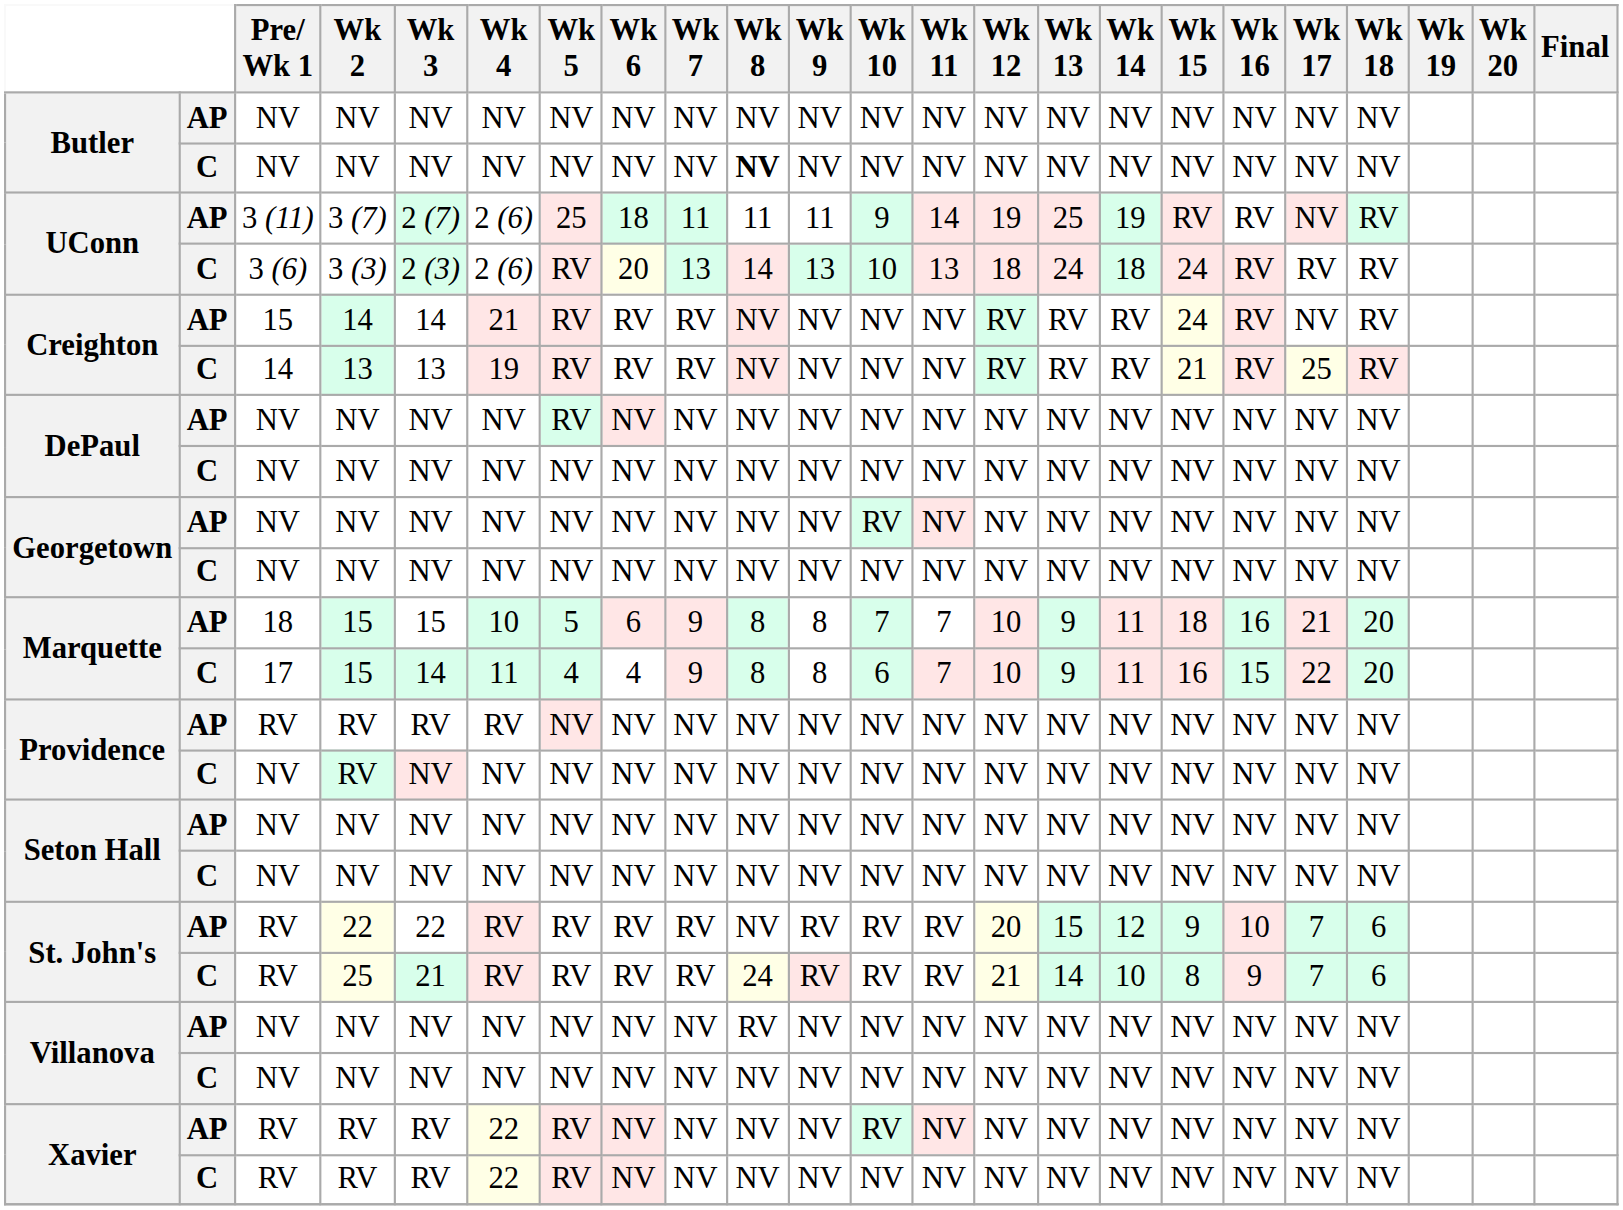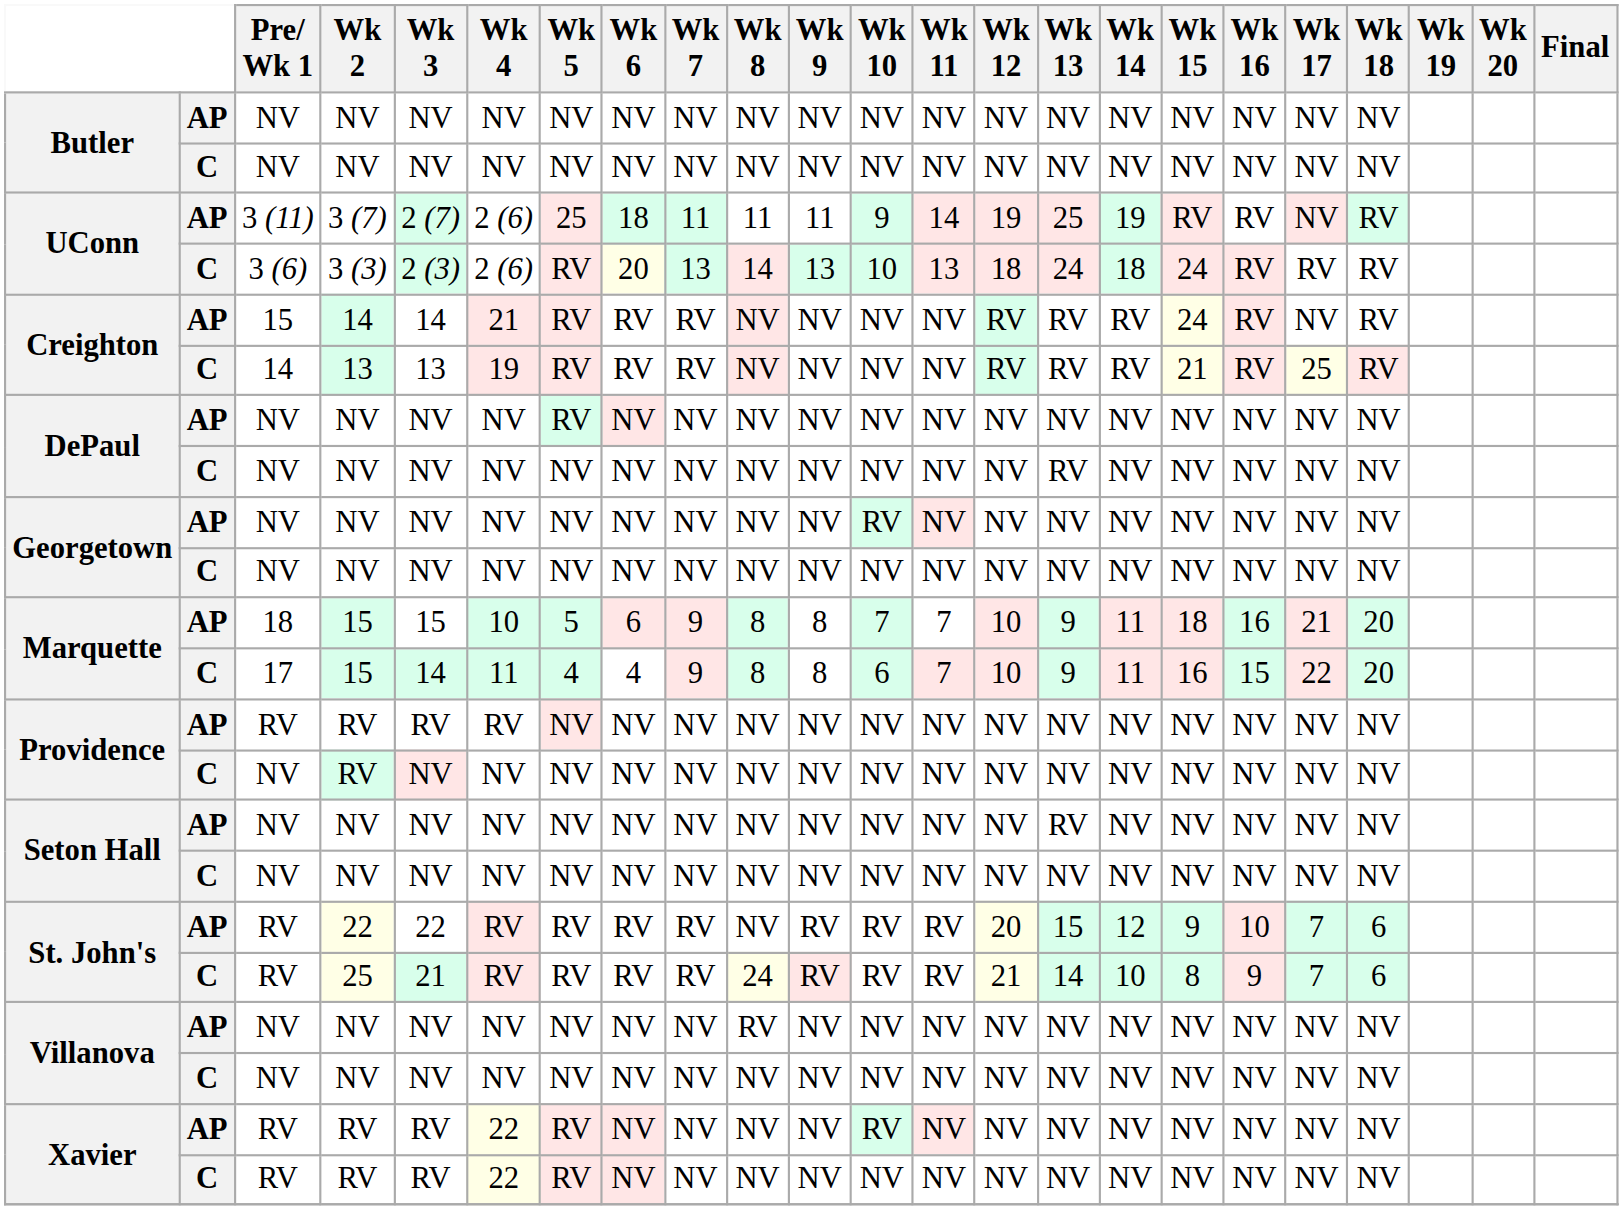 <table class="wikitable" style="white-space:nowrap;font-size:90%;text-align:center;">
 <tr>
 <th colspan=2 style="background:white; border-top-style:hidden; border-left-style:hidden;"> </th>
 <th>Pre/<br>Wk 1</th>
 <th>Wk<br>2</th>
 <th>Wk<br>3</th>
 <th>Wk<br>4</th>
 <th>Wk<br>5</th>
 <th>Wk<br>6</th>
 <th>Wk<br>7</th>
 <th>Wk<br>8</th>
 <th>Wk<br>9</th>
 <th>Wk<br>10</th>
 <th>Wk<br>11</th>
 <th>Wk<br>12</th>
 <th>Wk<br>13</th>
 <th>Wk<br>14</th>
 <th>Wk<br>15</th>
 <th>Wk<br>16</th>
 <th>Wk<br>17</th>
 <th>Wk<br>18</th>
 <th>Wk<br>19</th>
 <th>Wk<br>20</th>
 <th>Final</th>
 </tr>
 <tr>
 <th rowspan=2>Butler</th>
 <th>AP</th>
 <td style="background:#FFF;">NV</td>
 <td style="background:#FFF;">NV</td>
 <td style="background:#FFF;">NV</td>
 <td style="background:#FFF;">NV</td>
 <td style="background:#FFF;">NV</td>
 <td style="background:#FFF;">NV</td>
 <td style="background:#FFF;">NV</td>
 <td style="background:#FFF;">NV</td>
 <td style="background:#FFF;">NV</td>
 <td style="background:#FFF;">NV</td>
 <td style="background:#FFF;">NV</td>
 <td style="background:#FFF;">NV</td>
 <td style="background:#FFF;">NV</td>
 <td style="background:#FFF;">NV</td>
 <td style="background:#FFF;">NV</td>
 <td style="background:#FFF;">NV</td>
 <td style="background:#FFF;">NV</td>
 <td style="background:#FFF;">NV</td>
 <td style="background:#FFF;"></td>
 <td style="background:#FFF;"></td>
 <td style="background:#FFF;"></td>
 </tr>
 <tr>
 <th>C</th>
 <td style="background:#FFF;">NV</td>
 <td style="background:#FFF;">NV</td>
 <td style="background:#FFF;">NV</td>
 <td style="background:#FFF;">NV</td>
 <td style="background:#FFF;">NV</td>
 <td style="background:#FFF;">NV</td>
 <td style="background:#FFF;">NV</td>
-<td style="background:#FFF;"><strong>NV</strong></td>
+<td style="background:#FFF;">NV</td>
 <td style="background:#FFF;">NV</td>
 <td style="background:#FFF;">NV</td>
 <td style="background:#FFF;">NV</td>
 <td style="background:#FFF;">NV</td>
 <td style="background:#FFF;">NV</td>
 <td style="background:#FFF;">NV</td>
 <td style="background:#FFF;">NV</td>
 <td style="background:#FFF;">NV</td>
 <td style="background:#FFF;">NV</td>
 <td style="background:#FFF;">NV</td>
 <td style="background:#FFF;"></td>
 <td style="background:#FFF;"></td>
 <td style="background:#FFF;"></td>
 </tr>
 <tr>
 <th rowspan=2>UConn</th>
 <th>AP</th>
 <td style="background:#FFF;">3 <em>(11)</em></td>
 <td style="background:#FFF;">3 <em>(7)</em></td>
 <td style="background:#d8ffeb;">2 <em>(7)</em></td>
 <td style="background:#FFF;">2 <em>(6)</em></td>
 <td style="background:#ffe6e6;">25</td>
 <td style="background:#d8ffeb;">18</td>
 <td style="background:#d8ffeb;">11</td>
 <td style="background:#FFF;">11</td>
 <td style="background:#FFF;">11</td>
 <td style="background:#d8ffeb;">9</td>
 <td style="background:#ffe6e6;">14</td>
 <td style="background:#ffe6e6;">19</td>
 <td style="background:#ffe6e6;">25</td>
 <td style="background:#d8ffeb;">19</td>
 <td style="background:#ffe6e6;">RV</td>
 <td style="background:#FFF;">RV</td>
 <td style="background:#ffe6e6;">NV</td>
 <td style="background:#d8ffeb;">RV</td>
 <td style="background:#FFF;"></td>
 <td style="background:#FFF;"></td>
 <td style="background:#FFF;"></td>
 </tr>
 <tr>
 <th>C</th>
 <td style="background:#FFF;">3 <em>(6)</em></td>
 <td style="background:#FFF;">3 <em>(3)</em></td>
 <td style="background:#d8ffeb;">2 <em>(3)</em></td>
 <td style="background:#FFF;">2 <em>(6)</em></td>
 <td style="background:#ffe6e6;">RV</td>
 <td style="background:#ffffe6;">20</td>
 <td style="background:#d8ffeb;">13</td>
 <td style="background:#ffe6e6;">14</td>
 <td style="background:#d8ffeb;">13</td>
 <td style="background:#d8ffeb;">10</td>
 <td style="background:#ffe6e6;">13</td>
 <td style="background:#ffe6e6;">18</td>
 <td style="background:#ffe6e6;">24</td>
 <td style="background:#d8ffeb;">18</td>
 <td style="background:#ffe6e6;">24</td>
 <td style="background:#ffe6e6;">RV</td>
 <td style="background:#FFF;">RV</td>
 <td style="background:#FFF;">RV</td>
 <td style="background:#FFF;"></td>
 <td style="background:#FFF;"></td>
 <td style="background:#FFF;"></td>
 </tr>
 <tr>
 <th rowspan=2 style=>Creighton</th>
 <th>AP</th>
 <td style="background:#FFF;">15</td>
 <td style="background:#d8ffeb;">14</td>
 <td style="background:#FFF;">14</td>
 <td style="background:#ffe6e6;">21</td>
 <td style="background:#ffe6e6;">RV</td>
 <td style="background:#FFF;">RV</td>
 <td style="background:#FFF;">RV</td>
 <td style="background:#ffe6e6;">NV</td>
 <td style="background:#FFF;">NV</td>
 <td style="background:#FFF;">NV</td>
 <td style="background:#FFF;">NV</td>
 <td style="background:#d8ffeb;">RV</td>
 <td style="background:#FFF;">RV</td>
 <td style="background:#FFF;">RV</td>
 <td style="background:#ffffe6;">24</td>
 <td style="background:#ffe6e6;">RV</td>
 <td style="background:#FFF;">NV</td>
 <td style="background:#FFF;">RV</td>
 <td style="background:#FFF;"></td>
 <td style="background:#FFF;"></td>
 <td style="background:#FFF;"></td>
 </tr>
 <tr>
 <th>C</th>
 <td style="background:#FFF;">14</td>
 <td style="background:#d8ffeb;">13</td>
 <td style="background:#FFF;">13</td>
 <td style="background:#ffe6e6;">19</td>
 <td style="background:#ffe6e6;">RV</td>
 <td style="background:#FFF;">RV</td>
 <td style="background:#FFF;">RV</td>
 <td style="background:#ffe6e6;">NV</td>
 <td style="background:#FFF;">NV</td>
 <td style="background:#FFF;">NV</td>
 <td style="background:#FFF;">NV</td>
 <td style="background:#d8ffeb;">RV</td>
 <td style="background:#FFF;">RV</td>
 <td style="background:#FFF;">RV</td>
 <td style="background:#ffffe6;">21</td>
 <td style="background:#ffe6e6;">RV</td>
 <td style="background:#ffffe6;">25</td>
 <td style="background:#ffe6e6;">RV</td>
 <td style="background:#FFF;"></td>
 <td style="background:#FFF;"></td>
 <td style="background:#FFF;"></td>
 </tr>
 <tr>
 <th rowspan=2 style=>DePaul</th>
 <th>AP</th>
 <td style="background:#FFF;">NV</td>
 <td style="background:#FFF;">NV</td>
 <td style="background:#FFF;">NV</td>
 <td style="background:#FFF;">NV</td>
 <td style="background:#d8ffeb;">RV</td>
 <td style="background:#ffe6e6;">NV</td>
 <td style="background:#FFF;">NV</td>
 <td style="background:#FFF;">NV</td>
 <td style="background:#FFF;">NV</td>
 <td style="background:#FFF;">NV</td>
 <td style="background:#FFF;">NV</td>
 <td style="background:#FFF;">NV</td>
 <td style="background:#FFF;">NV</td>
 <td style="background:#FFF;">NV</td>
 <td style="background:#FFF;">NV</td>
 <td style="background:#FFF;">NV</td>
 <td style="background:#FFF;">NV</td>
 <td style="background:#FFF;">NV</td>
 <td style="background:#FFF;"></td>
 <td style="background:#FFF;"></td>
 <td style="background:#FFF;"></td>
 </tr>
 <tr>
 <th>C</th>
 <td style="background:#FFF;">NV</td>
 <td style="background:#FFF;">NV</td>
 <td style="background:#FFF;">NV</td>
 <td style="background:#FFF;">NV</td>
 <td style="background:#FFF;">NV</td>
 <td style="background:#FFF;">NV</td>
 <td style="background:#FFF;">NV</td>
 <td style="background:#FFF;">NV</td>
 <td style="background:#FFF;">NV</td>
 <td style="background:#FFF;">NV</td>
 <td style="background:#FFF;">NV</td>
 <td style="background:#FFF;">NV</td>
-<td style="background:#FFF;">NV</td>
+<td style="background:#FFF;">RV</td>
 <td style="background:#FFF;">NV</td>
 <td style="background:#FFF;">NV</td>
 <td style="background:#FFF;">NV</td>
 <td style="background:#FFF;">NV</td>
 <td style="background:#FFF;">NV</td>
 <td style="background:#FFF;"></td>
 <td style="background:#FFF;"></td>
 <td style="background:#FFF;"></td>
 </tr>
 <tr>
 <th rowspan=2 style=>Georgetown</th>
 <th>AP</th>
 <td style="background:#FFF;">NV</td>
 <td style="background:#FFF;">NV</td>
 <td style="background:#FFF;">NV</td>
 <td style="background:#FFF;">NV</td>
 <td style="background:#FFF;">NV</td>
 <td style="background:#FFF;">NV</td>
 <td style="background:#FFF;">NV</td>
 <td style="background:#FFF;">NV</td>
 <td style="background:#FFF;">NV</td>
 <td style="background:#d8ffeb;">RV</td>
 <td style="background:#ffe6e6;">NV</td>
 <td style="background:#FFF;">NV</td>
 <td style="background:#FFF;">NV</td>
 <td style="background:#FFF;">NV</td>
 <td style="background:#FFF;">NV</td>
 <td style="background:#FFF;">NV</td>
 <td style="background:#FFF;">NV</td>
 <td style="background:#FFF;">NV</td>
 <td style="background:#FFF;"></td>
 <td style="background:#FFF;"></td>
 <td style="background:#FFF;"></td>
 </tr>
 <tr>
 <th>C</th>
 <td style="background:#FFF;">NV</td>
 <td style="background:#FFF;">NV</td>
 <td style="background:#FFF;">NV</td>
 <td style="background:#FFF;">NV</td>
 <td style="background:#FFF;">NV</td>
 <td style="background:#FFF;">NV</td>
 <td style="background:#FFF;">NV</td>
 <td style="background:#FFF;">NV</td>
 <td style="background:#FFF;">NV</td>
 <td style="background:#FFF;">NV</td>
 <td style="background:#FFF;">NV</td>
 <td style="background:#FFF;">NV</td>
 <td style="background:#FFF;">NV</td>
 <td style="background:#FFF;">NV</td>
 <td style="background:#FFF;">NV</td>
 <td style="background:#FFF;">NV</td>
 <td style="background:#FFF;">NV</td>
 <td style="background:#FFF;">NV</td>
 <td style="background:#FFF;"></td>
 <td style="background:#FFF;"></td>
 <td style="background:#FFF;"></td>
 </tr>
 <tr>
 <th rowspan=2 style=>Marquette</th>
 <th>AP</th>
 <td style="background:#FFF;">18</td>
 <td style="background:#d8ffeb;">15</td>
 <td style="background:#FFF;">15</td>
 <td style="background:#d8ffeb;">10</td>
 <td style="background:#d8ffeb;">5</td>
 <td style="background:#ffe6e6;">6</td>
 <td style="background:#ffe6e6;">9</td>
 <td style="background:#d8ffeb;">8</td>
 <td style="background:#FFF;">8</td>
 <td style="background:#d8ffeb;">7</td>
 <td style="background:#FFF;">7</td>
 <td style="background:#ffe6e6;">10</td>
 <td style="background:#d8ffeb;">9</td>
 <td style="background:#ffe6e6;">11</td>
 <td style="background:#ffe6e6;">18</td>
 <td style="background:#d8ffeb;">16</td>
 <td style="background:#ffe6e6;">21</td>
 <td style="background:#d8ffeb;">20</td>
 <td style="background:#FFF;"></td>
 <td style="background:#FFF;"></td>
 <td style="background:#FFF;"></td>
 </tr>
 <tr>
 <th>C</th>
 <td style="background:#FFF;">17</td>
 <td style="background:#d8ffeb;">15</td>
 <td style="background:#d8ffeb;">14</td>
 <td style="background:#d8ffeb;">11</td>
 <td style="background:#d8ffeb;">4</td>
 <td style="background:#FFF;">4</td>
 <td style="background:#ffe6e6;">9</td>
 <td style="background:#d8ffeb;">8</td>
 <td style="background:#FFF;">8</td>
 <td style="background:#d8ffeb;">6</td>
 <td style="background:#ffe6e6;">7</td>
 <td style="background:#ffe6e6;">10</td>
 <td style="background:#d8ffeb;">9</td>
 <td style="background:#ffe6e6;">11</td>
 <td style="background:#ffe6e6;">16</td>
 <td style="background:#d8ffeb;">15</td>
 <td style="background:#ffe6e6;">22</td>
 <td style="background:#d8ffeb;">20</td>
 <td style="background:#FFF;"></td>
 <td style="background:#FFF;"></td>
 <td style="background:#FFF;"></td>
 </tr>
 <tr>
 <th rowspan=2 style=>Providence</th>
 <th>AP</th>
 <td style="background:#FFF;">RV</td>
 <td style="background:#FFF;">RV</td>
 <td style="background:#FFF;">RV</td>
 <td style="background:#FFF;">RV</td>
 <td style="background:#ffe6e6;">NV</td>
 <td style="background:#FFF;">NV</td>
 <td style="background:#FFF;">NV</td>
 <td style="background:#FFF;">NV</td>
 <td style="background:#FFF;">NV</td>
 <td style="background:#FFF;">NV</td>
 <td style="background:#FFF;">NV</td>
 <td style="background:#FFF;">NV</td>
 <td style="background:#FFF;">NV</td>
 <td style="background:#FFF;">NV</td>
 <td style="background:#FFF;">NV</td>
 <td style="background:#FFF;">NV</td>
 <td style="background:#FFF;">NV</td>
 <td style="background:#FFF;">NV</td>
 <td style="background:#FFF;"></td>
 <td style="background:#FFF;"></td>
 <td style="background:#FFF;"></td>
 </tr>
 <tr>
 <th>C</th>
 <td style="background:#FFF;">NV</td>
 <td style="background:#d8ffeb;">RV</td>
 <td style="background:#ffe6e6;">NV</td>
 <td style="background:#FFF;">NV</td>
 <td style="background:#FFF;">NV</td>
 <td style="background:#FFF;">NV</td>
 <td style="background:#FFF;">NV</td>
 <td style="background:#FFF;">NV</td>
 <td style="background:#FFF;">NV</td>
 <td style="background:#FFF;">NV</td>
 <td style="background:#FFF;">NV</td>
 <td style="background:#FFF;">NV</td>
 <td style="background:#FFF;">NV</td>
 <td style="background:#FFF;">NV</td>
 <td style="background:#FFF;">NV</td>
 <td style="background:#FFF;">NV</td>
 <td style="background:#FFF;">NV</td>
 <td style="background:#FFF;">NV</td>
 <td style="background:#FFF;"></td>
 <td style="background:#FFF;"></td>
 <td style="background:#FFF;"></td>
 </tr>
 <tr>
 <th rowspan=2 style=>Seton Hall</th>
 <th>AP</th>
 <td style="background:#FFF;">NV</td>
 <td style="background:#FFF;">NV</td>
 <td style="background:#FFF;">NV</td>
 <td style="background:#FFF;">NV</td>
 <td style="background:#FFF;">NV</td>
 <td style="background:#FFF;">NV</td>
 <td style="background:#FFF;">NV</td>
 <td style="background:#FFF;">NV</td>
 <td style="background:#FFF;">NV</td>
 <td style="background:#FFF;">NV</td>
 <td style="background:#FFF;">NV</td>
 <td style="background:#FFF;">NV</td>
-<td style="background:#FFF;">NV</td>
+<td style="background:#FFF;">RV</td>
 <td style="background:#FFF;">NV</td>
 <td style="background:#FFF;">NV</td>
 <td style="background:#FFF;">NV</td>
 <td style="background:#FFF;">NV</td>
 <td style="background:#FFF;">NV</td>
 <td style="background:#FFF;"></td>
 <td style="background:#FFF;"></td>
 <td style="background:#FFF;"></td>
 </tr>
 <tr>
 <th>C</th>
 <td style="background:#FFF;">NV</td>
 <td style="background:#FFF;">NV</td>
 <td style="background:#FFF;">NV</td>
 <td style="background:#FFF;">NV</td>
 <td style="background:#FFF;">NV</td>
 <td style="background:#FFF;">NV</td>
 <td style="background:#FFF;">NV</td>
 <td style="background:#FFF;">NV</td>
 <td style="background:#FFF;">NV</td>
 <td style="background:#FFF;">NV</td>
 <td style="background:#FFF;">NV</td>
 <td style="background:#FFF;">NV</td>
 <td style="background:#FFF;">NV</td>
 <td style="background:#FFF;">NV</td>
 <td style="background:#FFF;">NV</td>
 <td style="background:#FFF;">NV</td>
 <td style="background:#FFF;">NV</td>
 <td style="background:#FFF;">NV</td>
 <td style="background:#FFF;"></td>
 <td style="background:#FFF;"></td>
 <td style="background:#FFF;"></td>
 </tr>
 <tr>
 <th rowspan=2>St. John's</th>
 <th>AP</th>
 <td style="background:#FFF;">RV</td>
 <td style="background:#ffffe6;">22</td>
 <td style="background:#FFF;">22</td>
 <td style="background:#ffe6e6;">RV</td>
 <td style="background:#FFF;">RV</td>
 <td style="background:#FFF;">RV</td>
 <td style="background:#FFF;">RV</td>
 <td style="background:#FFF;">NV</td>
 <td style="background:#FFF;">RV</td>
 <td style="background:#FFF;">RV</td>
 <td style="background:#FFF;">RV</td>
 <td style="background:#ffffe6;">20</td>
 <td style="background:#d8ffeb;">15</td>
 <td style="background:#d8ffeb;">12</td>
 <td style="background:#d8ffeb;">9</td>
 <td style="background:#ffe6e6;">10</td>
 <td style="background:#d8ffeb;">7</td>
 <td style="background:#d8ffeb;">6</td>
 <td style="background:#FFF;"></td>
 <td style="background:#FFF;"></td>
 <td style="background:#FFF;"></td>
 </tr>
 <tr>
 <th>C</th>
 <td style="background:#FFF;">RV</td>
 <td style="background:#ffffe6;">25</td>
 <td style="background:#d8ffeb;">21</td>
 <td style="background:#ffe6e6;">RV</td>
 <td style="background:#FFF;">RV</td>
 <td style="background:#FFF;">RV</td>
 <td style="background:#FFF;">RV</td>
 <td style="background:#ffffe6;">24</td>
 <td style="background:#ffe6e6;">RV</td>
 <td style="background:#FFF;">RV</td>
 <td style="background:#FFF;">RV</td>
 <td style="background:#ffffe6;">21</td>
 <td style="background:#d8ffeb;">14</td>
 <td style="background:#d8ffeb;">10</td>
 <td style="background:#d8ffeb;">8</td>
 <td style="background:#ffe6e6;">9</td>
 <td style="background:#d8ffeb;">7</td>
 <td style="background:#d8ffeb;">6</td>
 <td style="background:#FFF;"></td>
 <td style="background:#FFF;"></td>
 <td style="background:#FFF;"></td>
 </tr>
 <tr>
 <th rowspan=2>Villanova</th>
 <th>AP</th>
 <td style="background:#FFF;">NV</td>
 <td style="background:#FFF;">NV</td>
 <td style="background:#FFF;">NV</td>
 <td style="background:#FFF;">NV</td>
 <td style="background:#FFF;">NV</td>
 <td style="background:#FFF;">NV</td>
 <td style="background:#FFF;">NV</td>
 <td style="background:#FFF;">RV</td>
 <td style="background:#FFF;">NV</td>
 <td style="background:#FFF;">NV</td>
 <td style="background:#FFF;">NV</td>
 <td style="background:#FFF;">NV</td>
 <td style="background:#FFF;">NV</td>
 <td style="background:#FFF;">NV</td>
 <td style="background:#FFF;">NV</td>
 <td style="background:#FFF;">NV</td>
 <td style="background:#FFF;">NV</td>
 <td style="background:#FFF;">NV</td>
 <td style="background:#FFF;"></td>
 <td style="background:#FFF;"></td>
 <td style="background:#FFF;"></td>
 </tr>
 <tr>
 <th>C</th>
 <td style="background:#FFF;">NV</td>
 <td style="background:#FFF;">NV</td>
 <td style="background:#FFF;">NV</td>
 <td style="background:#FFF;">NV</td>
 <td style="background:#FFF;">NV</td>
 <td style="background:#FFF;">NV</td>
 <td style="background:#FFF;">NV</td>
 <td style="background:#FFF;">NV</td>
 <td style="background:#FFF;">NV</td>
 <td style="background:#FFF;">NV</td>
 <td style="background:#FFF;">NV</td>
 <td style="background:#FFF;">NV</td>
 <td style="background:#FFF;">NV</td>
 <td style="background:#FFF;">NV</td>
 <td style="background:#FFF;">NV</td>
 <td style="background:#FFF;">NV</td>
 <td style="background:#FFF;">NV</td>
 <td style="background:#FFF;">NV</td>
 <td style="background:#FFF;"></td>
 <td style="background:#FFF;"></td>
 <td style="background:#FFF;"></td>
 </tr>
 <tr>
 <th rowspan=2 style=>Xavier</th>
 <th>AP</th>
 <td style="background:#FFF;">RV</td>
 <td style="background:#FFF;">RV</td>
 <td style="background:#FFF;">RV</td>
 <td style="background:#ffffe6;">22</td>
 <td style="background:#ffe6e6;">RV</td>
 <td style="background:#ffe6e6;">NV</td>
 <td style="background:#FFF;">NV</td>
 <td style="background:#FFF;">NV</td>
 <td style="background:#FFF;">NV</td>
 <td style="background:#d8ffeb;">RV</td>
 <td style="background:#ffe6e6;">NV</td>
 <td style="background:#FFF;">NV</td>
 <td style="background:#FFF;">NV</td>
 <td style="background:#FFF;">NV</td>
 <td style="background:#FFF;">NV</td>
 <td style="background:#FFF;">NV</td>
 <td style="background:#FFF;">NV</td>
 <td style="background:#FFF;">NV</td>
 <td style="background:#FFF;"></td>
 <td style="background:#FFF;"></td>
 <td style="background:#FFF;"></td>
 </tr>
 <tr>
 <th>C</th>
 <td style="background:#FFF;">RV</td>
 <td style="background:#FFF;">RV</td>
 <td style="background:#FFF;">RV</td>
 <td style="background:#ffffe6;">22</td>
 <td style="background:#ffe6e6;">RV</td>
 <td style="background:#ffe6e6;">NV</td>
 <td style="background:#FFF;">NV</td>
 <td style="background:#FFF;">NV</td>
 <td style="background:#FFF;">NV</td>
 <td style="background:#FFF;">NV</td>
 <td style="background:#FFF;">NV</td>
 <td style="background:#FFF;">NV</td>
 <td style="background:#FFF;">NV</td>
 <td style="background:#FFF;">NV</td>
 <td style="background:#FFF;">NV</td>
 <td style="background:#FFF;">NV</td>
 <td style="background:#FFF;">NV</td>
 <td style="background:#FFF;">NV</td>
 <td style="background:#FFF;"></td>
 <td style="background:#FFF;"></td>
 <td style="background:#FFF;"></td>
 </tr>
 <tr>
 </tr>
 </table>
